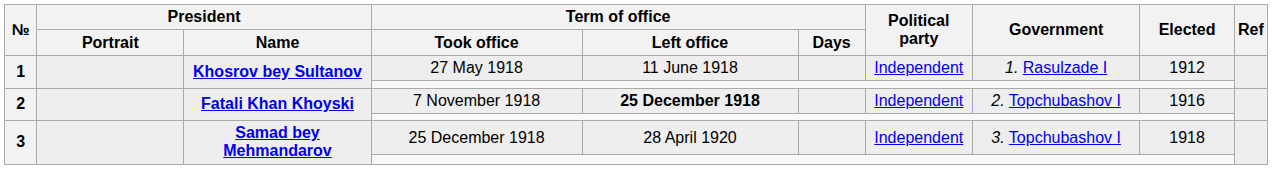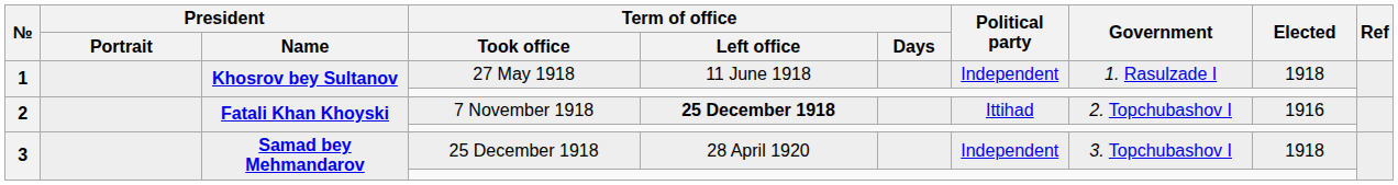 <table class="wikitable"  style="text-align:center"  width="100%">
 <tr>
 <th rowspan=2 style="width:25px;">№</th>
 <th colspan=2 style="width:280px;">President</th>
 <th colspan=3>Term of office</th>
 <th style="width:100px;" rowspan="2">Political party</th>
 <th style="width:160px;" rowspan="2">Government</th>
 <th rowspan=2>Elected</th>
 <th rowspan=2 style="width:20px;">Ref</th>
 </tr>
 <tr>
 <th>Portrait</th>
 <th width=180px>Name</th>
 <th>Took office</th>
 <th>Left office</th>
 <th>Days</th>
 </tr>
 <tr bgcolor=#EEEEEE>
 <th rowspan=2 style="background:">1</th>
 <td rowspan=2></td>
 <td rowspan=2><strong><a href='#'>Khosrov bey Sultanov</a></strong><br></td>
 <td>27 May 1918</td>
 <td>11 June 1918</td>
 <td></td>
 <td style="background:"><a href='#'><span>Independent<br></span></a></td>
 <td><em>1.</em> <a href='#'>Rasulzade I</a></td>
-<td>1912</td>
+<td>1918</td>
 <td rowspan=2></td>
 </tr>
 <tr>
 <td colspan=6 align=left></td>
 </tr>
 <tr bgcolor=#EEEEEE>
 </tr>
 <tr>
 </tr>
 <tr bgcolor=#EEEEEE>
 <th rowspan=2 style="background:">2</th>
 <td rowspan=2></td>
 <td rowspan=2><strong><a href='#'>Fatali Khan Khoyski</a></strong><br></td>
 <td>7 November 1918</td>
 <td><strong>25 December 1918</strong></td>
 <td></td>
-<td style="background:"><a href='#'><span>Independent<br></span></a></td>
+<td style="background:"><a href='#'><span>Ittihad<br></span></a></td>
 <td><em>2.</em> <a href='#'>Topchubashov I</a></td>
 <td>1916</td>
 <td rowspan=2></td>
 </tr>
 <tr>
 <td colspan=6 align=left></td>
 </tr>
 <tr bgcolor=#EEEEEE>
 </tr>
 <tr>
 </tr>
 <tr bgcolor=#EEEEEE>
 <th rowspan=2 style="background:">3</th>
 <td rowspan=2></td>
 <td rowspan=2><strong><a href='#'>Samad bey Mehmandarov</a></strong><br></td>
 <td>25 December 1918</td>
 <td>28 April 1920</td>
 <td></td>
 <td style="background:"><a href='#'><span>Independent<br></span></a></td>
 <td><em>3.</em> <a href='#'>Topchubashov I</a></td>
 <td>1918</td>
 <td rowspan=2></td>
 </tr>
 <tr>
 <td colspan=6 align=left></td>
 </tr>
 <tr bgcolor=#EEEEEE>
 </tr>
 </table>
